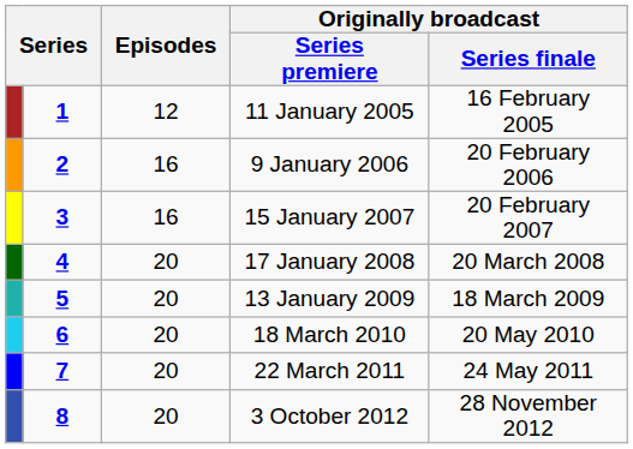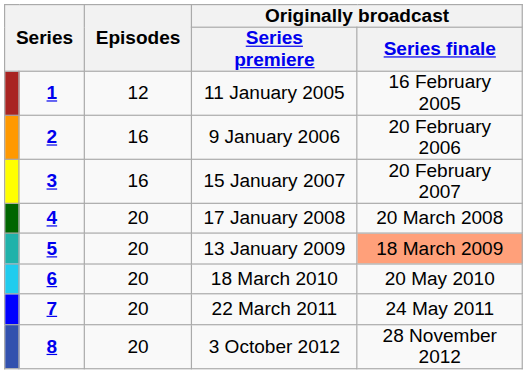 <table class="wikitable plainrowheaders" style="text-align: center;">
 <tr>
 <th scope="col" style="padding: 0 9px;" colspan="2" rowspan="2">Series</th>
 <th scope="col" style="padding: 0 9px;" rowspan="2">Episodes</th>
 <th scope="col" style="padding: 0 9px;" colspan="2">Originally broadcast</th>
 </tr>
 <tr>
 <th scope="col" style="padding: 0 9px; width:120px;"><a href='#'>Series premiere</a></th>
 <th scope="col" style="padding: 0 9px; width:120px;"><a href='#'>Series finale</a></th>
 </tr>
 <tr>
 <td scope="row"  style="background:#A92422; width:5px;; height:10px;"></td>
 <td><strong><a href='#'>1</a></strong></td>
 <td>12</td>
 <td style="padding: 0 8px;">11 January 2005</td>
 <td style="padding: 0 8px;">16 February 2005</td>
 </tr>
 <tr>
 <td scope="row"  style="background:#ff9900; height:10px;"></td>
 <td><strong><a href='#'>2</a></strong></td>
 <td>16</td>
 <td style="padding: 0 8px;">9 January 2006</td>
 <td style="padding: 0 8px;">20 February 2006</td>
 </tr>
 <tr>
 <td scope="row"  style="background:#FFFF00; height:10px;"></td>
 <td><strong><a href='#'>3</a></strong></td>
 <td>16</td>
 <td style="padding: 0 8px;">15 January 2007</td>
 <td style="padding: 0 8px;">20 February 2007</td>
 </tr>
 <tr>
 <td scope="row"  style="background:#006600; height:10px;"></td>
 <td><strong><a href='#'>4</a></strong></td>
 <td>20</td>
 <td style="padding: 0 8px;">17 January 2008</td>
 <td style="padding: 0 8px;">20 March 2008</td>
 </tr>
 <tr>
 <td scope="row"  style="background:#20b2aa; height:10px;"></td>
 <td><strong><a href='#'>5</a></strong></td>
 <td>20</td>
 <td style="padding: 0 8px;">13 January 2009</td>
-<td style="padding: 0 8px;">18 March 2009</td>
+<td style="background: lightsalmon; padding: 0 8px;">18 March 2009</td>
 </tr>
 <tr>
 <td scope="row"  style="background:#20ccee; height:10px;"></td>
 <td><strong><a href='#'>6</a></strong></td>
 <td>20</td>
 <td style="padding: 0 8px;">18 March 2010</td>
 <td style="padding: 0 8px;">20 May 2010</td>
 </tr>
 <tr>
 <td scope="row"  style="background:Blue; height:10px;"></td>
 <td><strong><a href='#'>7</a></strong></td>
 <td>20</td>
 <td style="padding: 0 8px;">22 March 2011</td>
 <td style="padding: 0 8px;">24 May 2011</td>
 </tr>
 <tr>
 <td scope="row"  style="background:#3251AE; height:10px;"></td>
 <td><strong><a href='#'>8</a></strong></td>
 <td>20</td>
 <td style="padding: 0 8px;">3 October 2012</td>
 <td style="padding: 0 8px;">28 November 2012</td>
 </tr>
 </table>
